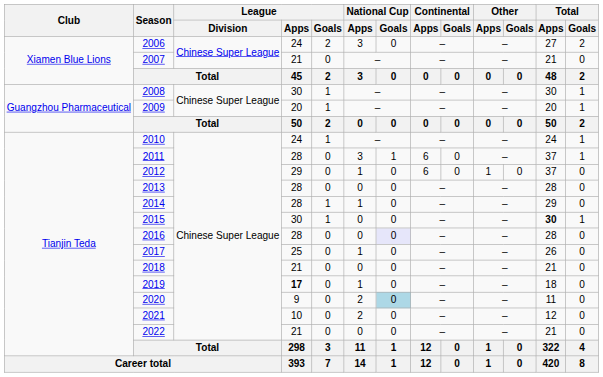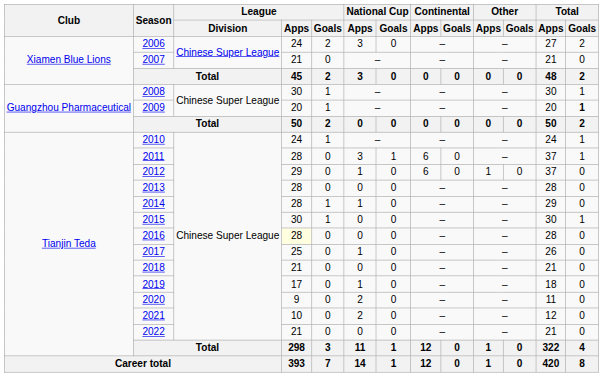 <table class="wikitable" style="text-align: center">
 <tr>
 <th rowspan="2">Club</th>
 <th rowspan="2">Season</th>
 <th colspan="3">League</th>
 <th colspan="2">National Cup</th>
 <th colspan="2">Continental</th>
 <th colspan="2">Other</th>
 <th colspan="2">Total</th>
 </tr>
 <tr>
 <th>Division</th>
 <th>Apps</th>
 <th>Goals</th>
 <th>Apps</th>
 <th>Goals</th>
 <th>Apps</th>
 <th>Goals</th>
 <th>Apps</th>
 <th>Goals</th>
 <th>Apps</th>
 <th>Goals</th>
 </tr>
 <tr>
 <td rowspan=3><a href='#'>Xiamen Blue Lions</a></td>
 <td><a href='#'>2006</a></td>
 <td rowspan=2><a href='#'>Chinese Super League</a></td>
 <td>24</td>
 <td>2</td>
 <td>3</td>
 <td>0</td>
 <td colspan="2">–</td>
 <td colspan="2">–</td>
 <td>27</td>
 <td>2</td>
 </tr>
 <tr>
 <td><a href='#'>2007</a></td>
 <td>21</td>
 <td>0</td>
 <td colspan="2">–</td>
 <td colspan="2">–</td>
 <td colspan="2">–</td>
 <td>21</td>
 <td>0</td>
 </tr>
 <tr>
 <th colspan=2>Total</th>
 <th>45</th>
 <th>2</th>
 <th>3</th>
 <th>0</th>
 <th>0</th>
 <th>0</th>
 <th>0</th>
 <th>0</th>
 <th>48</th>
 <th>2</th>
 </tr>
 <tr>
 <td rowspan=3><a href='#'>Guangzhou Pharmaceutical</a></td>
 <td><a href='#'>2008</a></td>
 <td rowspan=2>Chinese Super League</td>
 <td>30</td>
 <td>1</td>
 <td colspan="2">–</td>
 <td colspan="2">–</td>
 <td colspan="2">–</td>
 <td>30</td>
 <td>1</td>
 </tr>
 <tr>
 <td><a href='#'>2009</a></td>
 <td>20</td>
 <td>1</td>
 <td colspan="2">–</td>
 <td colspan="2">–</td>
 <td colspan="2">–</td>
 <td>20</td>
-<td>1</td>
+<td><strong>1</strong></td>
 </tr>
 <tr>
 <th colspan=2>Total</th>
 <th>50</th>
 <th>2</th>
 <th>0</th>
 <th>0</th>
 <th>0</th>
 <th>0</th>
 <th>0</th>
 <th>0</th>
 <th>50</th>
 <th>2</th>
 </tr>
 <tr>
 <td rowspan=14><a href='#'>Tianjin Teda</a></td>
 <td><a href='#'>2010</a></td>
 <td rowspan=13>Chinese Super League</td>
 <td>24</td>
 <td>1</td>
 <td colspan="2">–</td>
 <td colspan="2">–</td>
 <td colspan="2">–</td>
 <td>24</td>
 <td>1</td>
 </tr>
 <tr>
 <td><a href='#'>2011</a></td>
 <td>28</td>
 <td>0</td>
 <td>3</td>
 <td>1</td>
 <td>6</td>
 <td>0</td>
 <td colspan="2">–</td>
 <td>37</td>
 <td>1</td>
 </tr>
 <tr>
 <td><a href='#'>2012</a></td>
 <td>29</td>
 <td>0</td>
 <td>1</td>
 <td>0</td>
 <td>6</td>
 <td>0</td>
 <td>1</td>
 <td>0</td>
 <td>37</td>
 <td>0</td>
 </tr>
 <tr>
 <td><a href='#'>2013</a></td>
 <td>28</td>
 <td>0</td>
 <td>0</td>
 <td>0</td>
 <td colspan="2">–</td>
 <td colspan="2">–</td>
 <td>28</td>
 <td>0</td>
 </tr>
 <tr>
 <td><a href='#'>2014</a></td>
 <td>28</td>
 <td>1</td>
 <td>1</td>
 <td>0</td>
 <td colspan="2">–</td>
 <td colspan="2">–</td>
 <td>29</td>
 <td>0</td>
 </tr>
 <tr>
 <td><a href='#'>2015</a></td>
 <td>30</td>
 <td>1</td>
 <td>0</td>
 <td>0</td>
 <td colspan="2">–</td>
 <td colspan="2">–</td>
-<td><strong>30</strong></td>
+<td>30</td>
 <td>1</td>
 </tr>
 <tr>
 <td><a href='#'>2016</a></td>
-<td>28</td>
+<td style="background: lightyellow;">28</td>
 <td>0</td>
 <td>0</td>
-<td style="background: lavender;">0</td>
+<td>0</td>
 <td colspan="2">–</td>
 <td colspan="2">–</td>
 <td>28</td>
 <td>0</td>
 </tr>
 <tr>
 <td><a href='#'>2017</a></td>
 <td>25</td>
 <td>0</td>
 <td>1</td>
 <td>0</td>
 <td colspan="2">–</td>
 <td colspan="2">–</td>
 <td>26</td>
 <td>0</td>
 </tr>
 <tr>
 <td><a href='#'>2018</a></td>
 <td>21</td>
 <td>0</td>
 <td>0</td>
 <td>0</td>
 <td colspan="2">–</td>
 <td colspan="2">–</td>
 <td>21</td>
 <td>0</td>
 </tr>
 <tr>
 <td><a href='#'>2019</a></td>
-<td><strong>17</strong></td>
+<td>17</td>
 <td>0</td>
 <td>1</td>
 <td>0</td>
 <td colspan="2">–</td>
 <td colspan="2">–</td>
 <td>18</td>
 <td>0</td>
 </tr>
 <tr>
 <td><a href='#'>2020</a></td>
 <td>9</td>
 <td>0</td>
 <td>2</td>
-<td style="background: lightblue;">0</td>
+<td>0</td>
 <td colspan="2">–</td>
 <td colspan="2">–</td>
 <td>11</td>
 <td>0</td>
 </tr>
 <tr>
 <td><a href='#'>2021</a></td>
 <td>10</td>
 <td>0</td>
 <td>2</td>
 <td>0</td>
 <td colspan="2">–</td>
 <td colspan="2">–</td>
 <td>12</td>
 <td>0</td>
 </tr>
 <tr>
 <td><a href='#'>2022</a></td>
 <td>21</td>
 <td>0</td>
 <td>0</td>
 <td>0</td>
 <td colspan="2">–</td>
 <td colspan="2">–</td>
 <td>21</td>
 <td>0</td>
 </tr>
 <tr>
 <th colspan=2>Total</th>
 <th>298</th>
 <th>3</th>
 <th>11</th>
 <th>1</th>
 <th>12</th>
 <th>0</th>
 <th>1</th>
 <th>0</th>
 <th>322</th>
 <th>4</th>
 </tr>
 <tr>
 <th colspan=3>Career total</th>
 <th>393</th>
 <th>7</th>
 <th>14</th>
 <th>1</th>
 <th>12</th>
 <th>0</th>
 <th>1</th>
 <th>0</th>
 <th>420</th>
 <th>8</th>
 </tr>
 </table>
